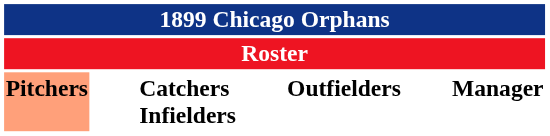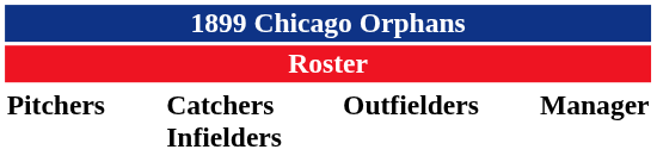 <table class="toccolours" style="font-size: 95%;">
 <tr>
 <th colspan="10" style="background-color: #0e3386; color: white; text-align: center;">1899 Chicago Orphans</th>
 </tr>
 <tr>
 <td colspan="10" style="background-color: #EE1422; color: white; text-align: center;"><strong>Roster</strong></td>
 </tr>
 <tr>
-<td valign="top" style="background: lightsalmon;"><strong>Pitchers</strong><br>        </td>
+<td valign="top"><strong>Pitchers</strong><br>        </td>
 <td width="25px"></td>
 <td valign="top"><strong>Catchers</strong><br>   <strong>Infielders</strong>        </td>
 <td width="25px"></td>
 <td valign="top"><strong>Outfielders</strong><br>    </td>
 <td width="25px"></td>
 <td valign="top"><strong>Manager</strong><br></td>
 </tr>
 <tr>
 </tr>
 </table>
